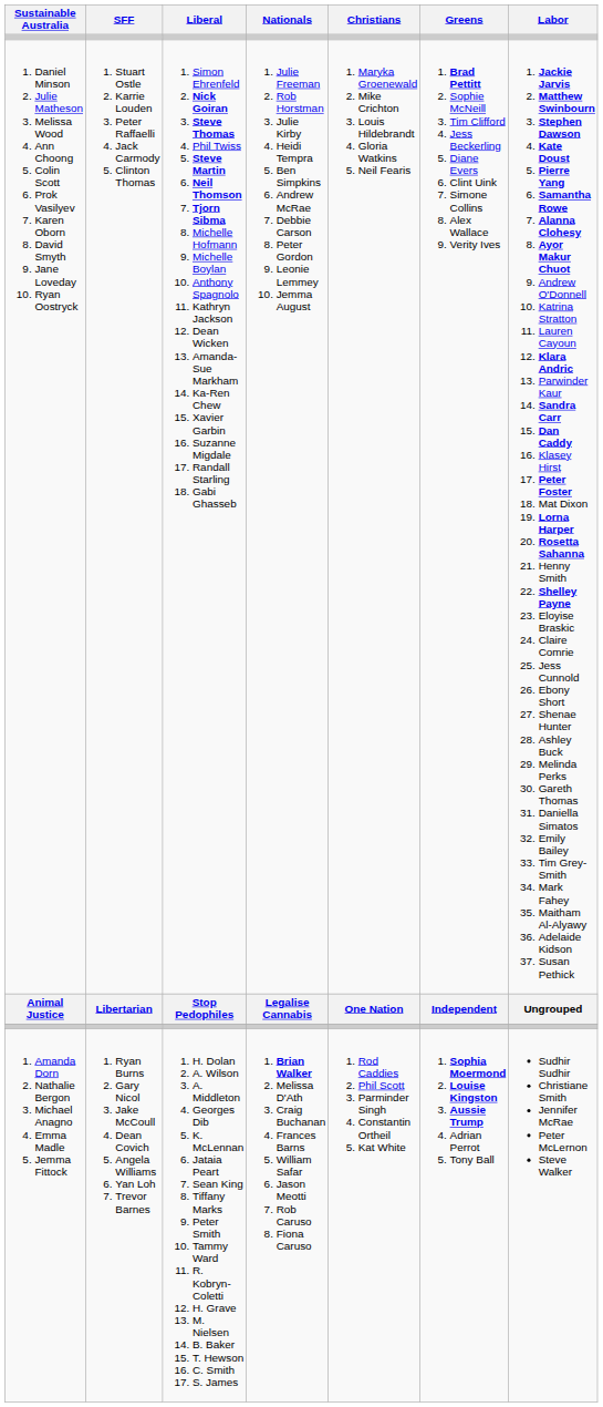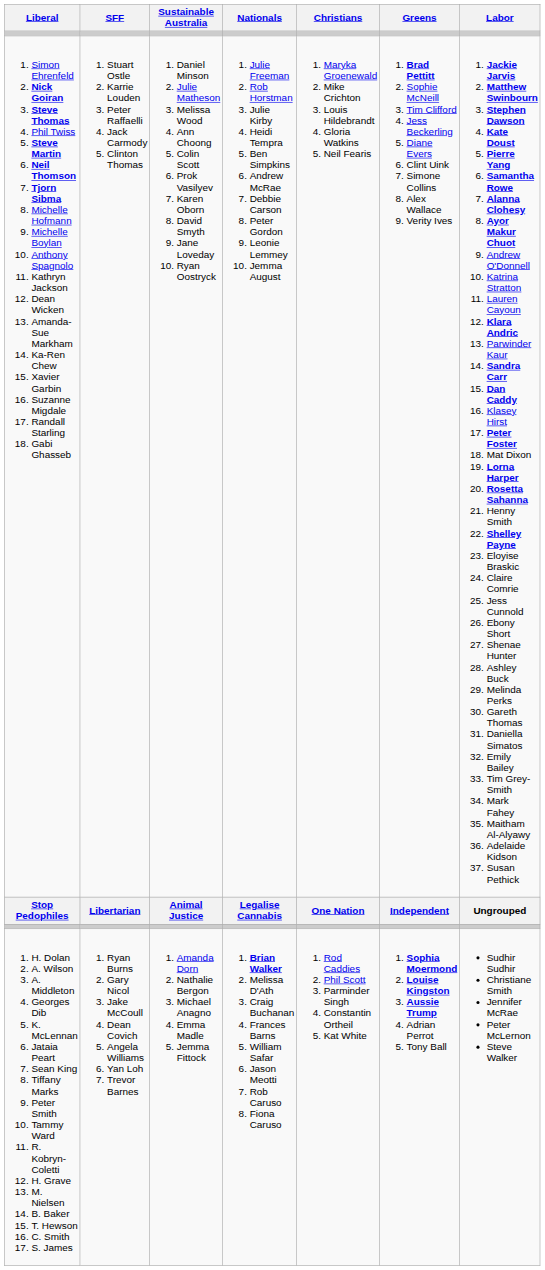 <table class="wikitable">
 <tr>
+<th><a href='#'>Liberal</a></th>
+<th><a href='#'>SFF</a></th>
 <th><a href='#'>Sustainable Australia</a></th>
-<th><a href='#'>SFF</a></th>
-<th><a href='#'>Liberal</a></th>
 <th><a href='#'>Nationals</a></th>
 <th><a href='#'>Christians</a></th>
 <th><a href='#'>Greens</a></th>
 <th><a href='#'>Labor</a></th>
 </tr>
 <tr bgcolor="#cccccc">
 <td></td>
 <td></td>
 <td></td>
 <td></td>
 <td></td>
 <td></td>
 <td></td>
 </tr>
 <tr>
+<td valign="top"><br><ol><li><a href='#'>Simon Ehrenfeld</a></li><li><strong><a href='#'>Nick Goiran</a></strong></li><li><strong><a href='#'>Steve Thomas</a></strong></li><li><a href='#'>Phil Twiss</a></li><li><strong><a href='#'>Steve Martin</a></strong></li><li><strong><a href='#'>Neil Thomson</a></strong></li><li><strong><a href='#'>Tjorn Sibma</a></strong></li><li><a href='#'>Michelle Hofmann</a></li><li><a href='#'>Michelle Boylan</a></li><li><a href='#'>Anthony Spagnolo</a></li><li>Kathryn Jackson</li><li>Dean Wicken</li><li>Amanda-Sue Markham</li><li>Ka-Ren Chew</li><li>Xavier Garbin</li><li>Suzanne Migdale</li><li>Randall Starling</li><li>Gabi Ghasseb</li></ol></td>
+<td valign="top"><br><ol><li>Stuart Ostle</li><li>Karrie Louden</li><li>Peter Raffaelli</li><li>Jack Carmody</li><li>Clinton Thomas</li></ol></td>
 <td valign="top"><br><ol><li>Daniel Minson</li><li><a href='#'>Julie Matheson</a></li><li>Melissa Wood</li><li>Ann Choong</li><li>Colin Scott</li><li>Prok Vasilyev</li><li>Karen Oborn</li><li>David Smyth</li><li>Jane Loveday</li><li>Ryan Oostryck</li></ol></td>
-<td valign="top"><br><ol><li>Stuart Ostle</li><li>Karrie Louden</li><li>Peter Raffaelli</li><li>Jack Carmody</li><li>Clinton Thomas</li></ol></td>
-<td valign="top"><br><ol><li><a href='#'>Simon Ehrenfeld</a></li><li><strong><a href='#'>Nick Goiran</a></strong></li><li><strong><a href='#'>Steve Thomas</a></strong></li><li><a href='#'>Phil Twiss</a></li><li><strong><a href='#'>Steve Martin</a></strong></li><li><strong><a href='#'>Neil Thomson</a></strong></li><li><strong><a href='#'>Tjorn Sibma</a></strong></li><li><a href='#'>Michelle Hofmann</a></li><li><a href='#'>Michelle Boylan</a></li><li><a href='#'>Anthony Spagnolo</a></li><li>Kathryn Jackson</li><li>Dean Wicken</li><li>Amanda-Sue Markham</li><li>Ka-Ren Chew</li><li>Xavier Garbin</li><li>Suzanne Migdale</li><li>Randall Starling</li><li>Gabi Ghasseb</li></ol></td>
 <td valign="top"><br><ol><li><a href='#'>Julie Freeman</a></li><li><a href='#'>Rob Horstman</a></li><li>Julie Kirby</li><li>Heidi Tempra</li><li>Ben Simpkins</li><li>Andrew McRae</li><li>Debbie Carson</li><li>Peter Gordon</li><li>Leonie Lemmey</li><li>Jemma August</li></ol></td>
 <td valign="top"><br><ol><li><a href='#'>Maryka Groenewald</a></li><li>Mike Crichton</li><li>Louis Hildebrandt</li><li>Gloria Watkins</li><li>Neil Fearis</li></ol></td>
 <td valign="top"><br><ol><li><strong><a href='#'>Brad Pettitt</a></strong></li><li><a href='#'>Sophie McNeill</a></li><li><a href='#'>Tim Clifford</a></li><li><a href='#'>Jess Beckerling</a></li><li><a href='#'>Diane Evers</a></li><li>Clint Uink</li><li>Simone Collins</li><li>Alex Wallace</li><li>Verity Ives</li></ol></td>
 <td valign="top"><br><ol><li><strong><a href='#'>Jackie Jarvis</a></strong></li><li><strong><a href='#'>Matthew Swinbourn</a></strong></li><li><strong><a href='#'>Stephen Dawson</a></strong></li><li><strong><a href='#'>Kate Doust</a></strong></li><li><strong><a href='#'>Pierre Yang</a></strong></li><li><strong><a href='#'>Samantha Rowe</a></strong></li><li><strong><a href='#'>Alanna Clohesy</a></strong></li><li><strong><a href='#'>Ayor Makur Chuot</a></strong></li><li><a href='#'>Andrew O'Donnell</a></li><li><a href='#'>Katrina Stratton</a></li><li><a href='#'>Lauren Cayoun</a></li><li><strong><a href='#'>Klara Andric</a></strong></li><li><a href='#'>Parwinder Kaur</a></li><li><strong><a href='#'>Sandra Carr</a></strong></li><li><strong><a href='#'>Dan Caddy</a></strong></li><li><a href='#'>Klasey Hirst</a></li><li><strong><a href='#'>Peter Foster</a></strong></li><li>Mat Dixon</li><li><strong><a href='#'>Lorna Harper</a></strong></li><li><strong><a href='#'>Rosetta Sahanna</a></strong></li><li>Henny Smith</li><li><strong><a href='#'>Shelley Payne</a></strong></li><li>Eloyise Braskic</li><li>Claire Comrie</li><li>Jess Cunnold</li><li>Ebony Short</li><li>Shenae Hunter</li><li>Ashley Buck</li><li>Melinda Perks</li><li>Gareth Thomas</li><li>Daniella Simatos</li><li>Emily Bailey</li><li>Tim Grey-Smith</li><li>Mark Fahey</li><li>Maitham Al-Alyawy</li><li>Adelaide Kidson</li><li>Susan Pethick</li></ol></td>
 </tr>
 <tr bgcolor="#cccccc">
+<th><a href='#'>Stop Pedophiles</a></th>
+<th><a href='#'>Libertarian</a></th>
 <th><a href='#'>Animal Justice</a></th>
-<th><a href='#'>Libertarian</a></th>
-<th><a href='#'>Stop Pedophiles</a></th>
 <th><a href='#'>Legalise Cannabis</a></th>
 <th><a href='#'>One Nation</a></th>
 <th><a href='#'>Independent</a></th>
 <th>Ungrouped</th>
 </tr>
 <tr bgcolor="#cccccc">
 <td></td>
 <td></td>
 <td></td>
 <td></td>
 <td></td>
 <td></td>
 <td></td>
 </tr>
 <tr>
+<td valign="top"><br><ol><li>H. Dolan</li><li>A. Wilson</li><li>A. Middleton</li><li>Georges Dib</li><li>K. McLennan</li><li>Jataia Peart</li><li>Sean King</li><li>Tiffany Marks</li><li>Peter Smith</li><li>Tammy Ward</li><li>R. Kobryn-Coletti</li><li>H. Grave</li><li>M. Nielsen</li><li>B. Baker</li><li>T. Hewson</li><li>C. Smith</li><li>S. James</li></ol></td>
+<td valign="top"><br><ol><li>Ryan Burns</li><li>Gary Nicol</li><li>Jake McCoull</li><li>Dean Covich</li><li>Angela Williams</li><li>Yan Loh</li><li>Trevor Barnes</li></ol></td>
 <td valign="top"><br><ol><li><a href='#'>Amanda Dorn</a></li><li>Nathalie Bergon</li><li>Michael Anagno</li><li>Emma Madle</li><li>Jemma Fittock</li></ol></td>
-<td valign="top"><br><ol><li>Ryan Burns</li><li>Gary Nicol</li><li>Jake McCoull</li><li>Dean Covich</li><li>Angela Williams</li><li>Yan Loh</li><li>Trevor Barnes</li></ol></td>
-<td valign="top"><br><ol><li>H. Dolan</li><li>A. Wilson</li><li>A. Middleton</li><li>Georges Dib</li><li>K. McLennan</li><li>Jataia Peart</li><li>Sean King</li><li>Tiffany Marks</li><li>Peter Smith</li><li>Tammy Ward</li><li>R. Kobryn-Coletti</li><li>H. Grave</li><li>M. Nielsen</li><li>B. Baker</li><li>T. Hewson</li><li>C. Smith</li><li>S. James</li></ol></td>
 <td valign="top"><br><ol><li><strong><a href='#'>Brian Walker</a></strong></li><li>Melissa D'Ath</li><li>Craig Buchanan</li><li>Frances Barns</li><li>William Safar</li><li>Jason Meotti</li><li>Rob Caruso</li><li>Fiona Caruso</li></ol></td>
 <td valign="top"><br><ol><li><a href='#'>Rod Caddies</a></li><li><a href='#'>Phil Scott</a></li><li>Parminder Singh</li><li>Constantin Ortheil</li><li>Kat White</li></ol></td>
 <td valign="top"><br><ol><li><strong><a href='#'>Sophia Moermond</a></strong></li><li><strong><a href='#'>Louise Kingston</a></strong></li><li><strong><a href='#'>Aussie Trump</a></strong></li><li>Adrian Perrot</li><li>Tony Ball</li></ol></td>
 <td valign="top"><br><ul><li>Sudhir Sudhir</li><li>Christiane Smith</li><li>Jennifer McRae</li><li>Peter McLernon</li><li>Steve Walker</li></ul></td>
 </tr>
 </table>
